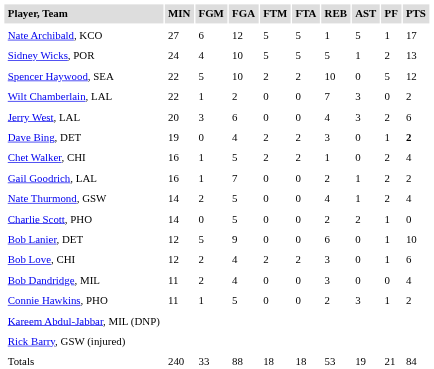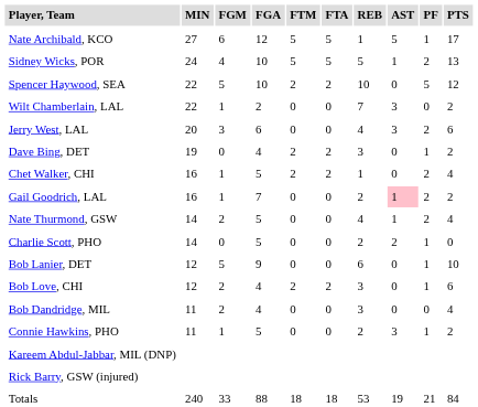 <table cellpadding=5>
 <tr bgcolor="#dddddd">
 <td><strong>Player, Team</strong></td>
 <td><strong>MIN</strong></td>
 <td><strong>FGM</strong></td>
 <td><strong>FGA</strong></td>
 <td><strong>FTM</strong></td>
 <td><strong>FTA</strong></td>
 <td><strong>REB</strong></td>
 <td><strong>AST</strong></td>
 <td><strong>PF</strong></td>
 <td><strong>PTS</strong></td>
 </tr>
 <tr bgcolor="#eeeeee">
 </tr>
 <tr>
 <td><a href='#'>Nate Archibald</a>, KCO</td>
 <td>27</td>
 <td>6</td>
 <td>12</td>
 <td>5</td>
 <td>5</td>
 <td>1</td>
 <td>5</td>
 <td>1</td>
 <td>17</td>
 </tr>
 <tr>
 <td><a href='#'>Sidney Wicks</a>, POR</td>
 <td>24</td>
 <td>4</td>
 <td>10</td>
 <td>5</td>
 <td>5</td>
 <td>5</td>
 <td>1</td>
 <td>2</td>
 <td>13</td>
 </tr>
 <tr>
 <td><a href='#'>Spencer Haywood</a>, SEA</td>
 <td>22</td>
 <td>5</td>
 <td>10</td>
 <td>2</td>
 <td>2</td>
 <td>10</td>
 <td>0</td>
 <td>5</td>
 <td>12</td>
 </tr>
 <tr>
 <td><a href='#'>Wilt Chamberlain</a>, LAL</td>
 <td>22</td>
 <td>1</td>
 <td>2</td>
 <td>0</td>
 <td>0</td>
 <td>7</td>
 <td>3</td>
 <td>0</td>
 <td>2</td>
 </tr>
 <tr>
 <td><a href='#'>Jerry West</a>, LAL</td>
 <td>20</td>
 <td>3</td>
 <td>6</td>
 <td>0</td>
 <td>0</td>
 <td>4</td>
 <td>3</td>
 <td>2</td>
 <td>6</td>
 </tr>
 <tr>
 <td><a href='#'>Dave Bing</a>, DET</td>
 <td>19</td>
 <td>0</td>
 <td>4</td>
 <td>2</td>
 <td>2</td>
 <td>3</td>
 <td>0</td>
 <td>1</td>
-<td><strong>2</strong></td>
+<td>2</td>
 </tr>
 <tr>
 <td><a href='#'>Chet Walker</a>, CHI</td>
 <td>16</td>
 <td>1</td>
 <td>5</td>
 <td>2</td>
 <td>2</td>
 <td>1</td>
 <td>0</td>
 <td>2</td>
 <td>4</td>
 </tr>
 <tr>
 <td><a href='#'>Gail Goodrich</a>, LAL</td>
 <td>16</td>
 <td>1</td>
 <td>7</td>
 <td>0</td>
 <td>0</td>
 <td>2</td>
-<td>1</td>
+<td style="background: pink;">1</td>
 <td>2</td>
 <td>2</td>
 </tr>
 <tr>
 <td><a href='#'>Nate Thurmond</a>, GSW</td>
 <td>14</td>
 <td>2</td>
 <td>5</td>
 <td>0</td>
 <td>0</td>
 <td>4</td>
 <td>1</td>
 <td>2</td>
 <td>4</td>
 </tr>
 <tr>
 <td><a href='#'>Charlie Scott</a>, PHO</td>
 <td>14</td>
 <td>0</td>
 <td>5</td>
 <td>0</td>
 <td>0</td>
 <td>2</td>
 <td>2</td>
 <td>1</td>
 <td>0</td>
 </tr>
 <tr>
 <td><a href='#'>Bob Lanier</a>, DET</td>
 <td>12</td>
 <td>5</td>
 <td>9</td>
 <td>0</td>
 <td>0</td>
 <td>6</td>
 <td>0</td>
 <td>1</td>
 <td>10</td>
 </tr>
 <tr>
 <td><a href='#'>Bob Love</a>, CHI</td>
 <td>12</td>
 <td>2</td>
 <td>4</td>
 <td>2</td>
 <td>2</td>
 <td>3</td>
 <td>0</td>
 <td>1</td>
 <td>6</td>
 </tr>
 <tr>
 <td><a href='#'>Bob Dandridge</a>, MIL</td>
 <td>11</td>
 <td>2</td>
 <td>4</td>
 <td>0</td>
 <td>0</td>
 <td>3</td>
 <td>0</td>
 <td>0</td>
 <td>4</td>
 </tr>
 <tr>
 <td><a href='#'>Connie Hawkins</a>, PHO</td>
 <td>11</td>
 <td>1</td>
 <td>5</td>
 <td>0</td>
 <td>0</td>
 <td>2</td>
 <td>3</td>
 <td>1</td>
 <td>2</td>
 </tr>
 <tr>
 <td><a href='#'>Kareem Abdul-Jabbar</a>, MIL (DNP)</td>
 </tr>
 <tr>
 <td><a href='#'>Rick Barry</a>, GSW (injured)</td>
 </tr>
 <tr>
 <td>Totals</td>
 <td>240</td>
 <td>33</td>
 <td>88</td>
 <td>18</td>
 <td>18</td>
 <td>53</td>
 <td>19</td>
 <td>21</td>
 <td>84</td>
 </tr>
 <tr>
 </tr>
 </table>
